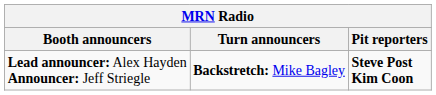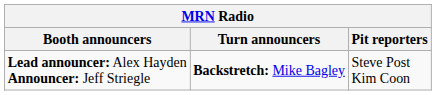 <table class="wikitable" style="font-size: 95%;">
 <tr>
 <th colspan="3"><a href='#'>MRN</a> Radio</th>
 </tr>
 <tr>
 <th>Booth announcers</th>
 <th>Turn announcers</th>
 <th>Pit reporters</th>
 </tr>
 <tr>
 <td><strong>Lead announcer:</strong> Alex Hayden<br><strong>Announcer:</strong> Jeff Striegle</td>
 <td><strong>Backstretch:</strong> <a href='#'>Mike Bagley</a></td>
-<td><strong>Steve Post<br>Kim Coon</strong></td>
+<td>Steve Post<br>Kim Coon</td>
 </tr>
 </table>
